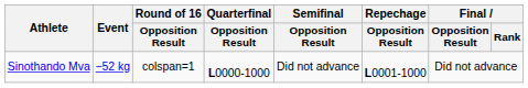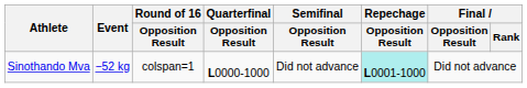 <table class="wikitable" style="font-size:90%">
 <tr>
 <th rowspan=2>Athlete</th>
 <th rowspan=2>Event</th>
 <th>Round of 16</th>
 <th>Quarterfinal</th>
 <th>Semifinal</th>
 <th>Repechage</th>
 <th colspan=2>Final / </th>
 </tr>
 <tr style="font-size: 95%">
 <th>Opposition<br>Result</th>
 <th>Opposition<br>Result</th>
 <th>Opposition<br>Result</th>
 <th>Opposition<br>Result</th>
 <th>Opposition<br>Result</th>
 <th>Rank</th>
 </tr>
 <tr align=center>
 <td align=left><a href='#'>Sinothando Mva</a></td>
 <td align=left><a href='#'>−52 kg</a></td>
 <td>colspan=1 </td>
 <td><br><strong>L</strong>0000-1000</td>
 <td>Did not advance</td>
-<td><br><strong>L</strong>0001-1000</td>
+<td style="background: paleturquoise;"><br><strong>L</strong>0001-1000</td>
 <td colspan=2>Did not advance</td>
 </tr>
 </table>
